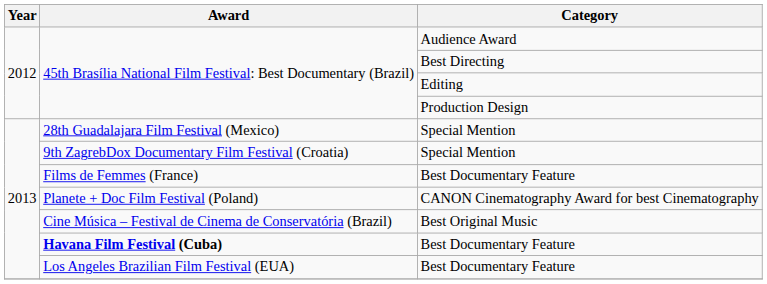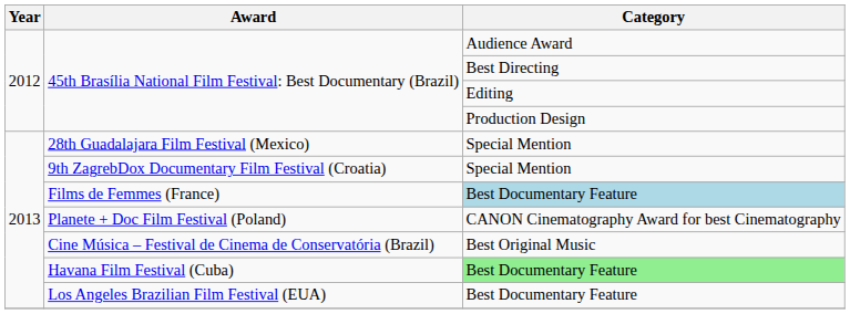 <table class="wikitable sortable">
 <tr>
 <th>Year</th>
 <th>Award</th>
 <th>Category</th>
 </tr>
 <tr>
 <td rowspan=4>2012</td>
 <td rowspan=4><a href='#'>45th Brasília National Film Festival</a>: Best Documentary (Brazil)</td>
 <td>Audience Award</td>
 </tr>
 <tr>
 <td>Best Directing</td>
 </tr>
 <tr>
 <td>Editing</td>
 </tr>
 <tr>
 <td>Production Design</td>
 </tr>
 <tr>
 <td rowspan=7>2013</td>
 <td><a href='#'>28th Guadalajara Film Festival</a> (Mexico)</td>
 <td>Special Mention</td>
 </tr>
 <tr>
 <td><a href='#'>9th ZagrebDox Documentary Film Festival</a> (Croatia)</td>
 <td>Special Mention</td>
 </tr>
 <tr>
 <td><a href='#'>Films de Femmes</a> (France)</td>
-<td>Best Documentary Feature</td>
+<td style="background: lightblue;">Best Documentary Feature</td>
 </tr>
 <tr>
 <td><a href='#'>Planete + Doc Film Festival</a> (Poland)</td>
 <td>CANON Cinematography Award for best Cinematography</td>
 </tr>
 <tr>
 <td><a href='#'>Cine Música – Festival de Cinema de Conservatória</a> (Brazil)</td>
 <td>Best Original Music</td>
 </tr>
 <tr>
-<td><strong><a href='#'>Havana Film Festival</a> (Cuba)</strong></td>
-<td>Best Documentary Feature</td>
+<td><a href='#'>Havana Film Festival</a> (Cuba)</td>
+<td style="background: lightgreen;">Best Documentary Feature</td>
 </tr>
 <tr>
 <td><a href='#'>Los Angeles Brazilian Film Festival</a> (EUA)</td>
 <td>Best Documentary Feature</td>
 </tr>
 <tr>
 </tr>
 </table>
